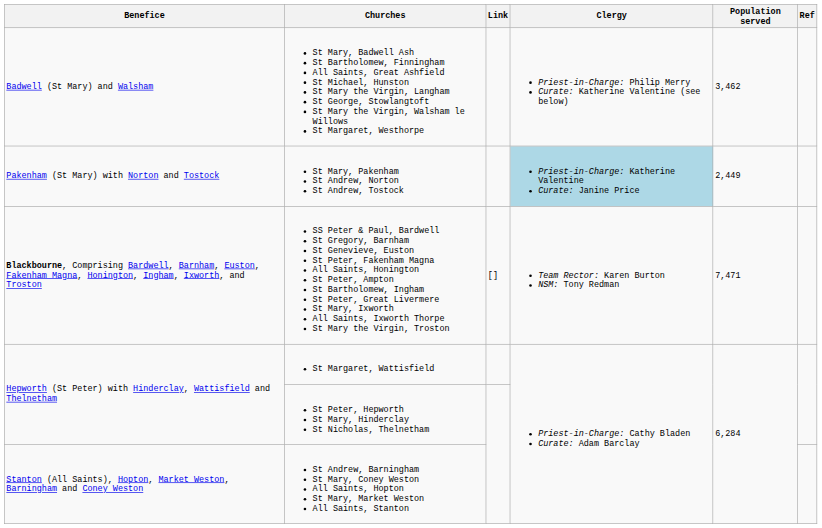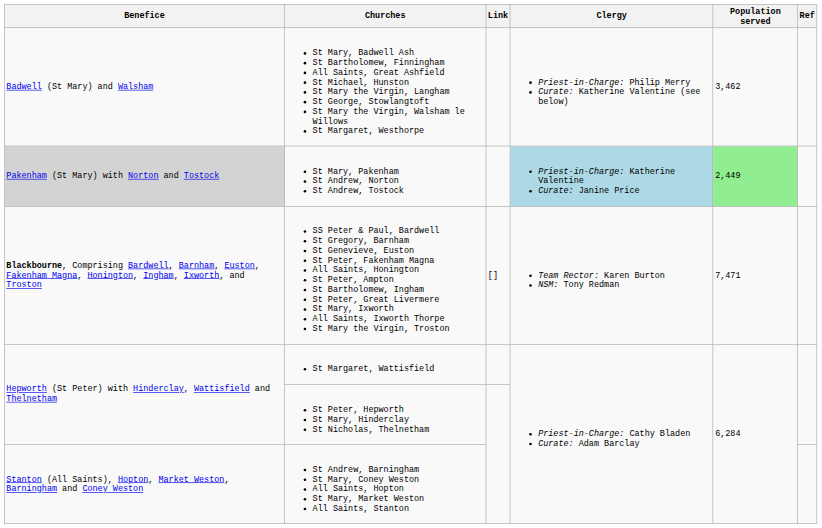 <table class="wikitable">
 <tr>
 <th width="425">Benefice</th>
 <th>Churches</th>
 <th>Link</th>
 <th>Clergy</th>
 <th>Population served</th>
 <th>Ref</th>
 </tr>
 <tr>
 <td><a href='#'>Badwell</a> (St Mary) and <a href='#'>Walsham</a></td>
 <td><br><ul><li>St Mary, Badwell Ash</li><li>St Bartholomew, Finningham</li><li>All Saints, Great Ashfield</li><li>St Michael, Hunston</li><li>St Mary the Virgin, Langham</li><li>St George, Stowlangtoft</li><li>St Mary the Virgin, Walsham le Willows</li><li>St Margaret, Westhorpe</li></ul></td>
 <td></td>
 <td><br><ul><li><em>Priest-in-Charge:</em> Philip Merry</li><li><em>Curate:</em> Katherine Valentine (see below)</li></ul></td>
 <td>3,462</td>
 <td></td>
 </tr>
 <tr>
-<td><a href='#'>Pakenham</a> (St Mary) with <a href='#'>Norton</a> and <a href='#'>Tostock</a></td>
+<td style="background: lightgrey;"><a href='#'>Pakenham</a> (St Mary) with <a href='#'>Norton</a> and <a href='#'>Tostock</a></td>
 <td><br><ul><li>St Mary, Pakenham</li><li>St Andrew, Norton</li><li>St Andrew, Tostock</li></ul></td>
 <td></td>
 <td style="background: lightblue;"><br><ul><li><em>Priest-in-Charge:</em> Katherine Valentine</li><li><em>Curate:</em> Janine Price</li></ul></td>
-<td>2,449</td>
+<td style="background: lightgreen;">2,449</td>
 <td></td>
 </tr>
 <tr>
 <td><strong>Blackbourne</strong>, Comprising <a href='#'>Bardwell</a>, <a href='#'>Barnham</a>, <a href='#'>Euston</a>, <a href='#'>Fakenham Magna</a>, <a href='#'>Honington</a>, <a href='#'>Ingham</a>, <a href='#'>Ixworth</a>, and <a href='#'>Troston</a></td>
 <td><br><ul><li>SS Peter & Paul, Bardwell</li><li>St Gregory, Barnham</li><li>St Genevieve, Euston</li><li>St Peter, Fakenham Magna</li><li>All Saints, Honington</li><li>St Peter, Ampton</li><li>St Bartholomew, Ingham</li><li>St Peter, Great Livermere</li><li>St Mary, Ixworth</li><li>All Saints, Ixworth Thorpe</li><li>St Mary the Virgin, Troston</li></ul></td>
 <td>[]</td>
 <td><br><ul><li><em>Team Rector:</em> Karen Burton</li><li><em>NSM:</em> Tony Redman</li></ul></td>
 <td>7,471</td>
 <td></td>
 </tr>
 <tr>
 <td rowspan="2"><a href='#'>Hepworth</a> (St Peter) with <a href='#'>Hinderclay</a>, <a href='#'>Wattisfield</a> and <a href='#'>Thelnetham</a></td>
 <td><br><ul><li>St Margaret, Wattisfield</li></ul></td>
 <td></td>
 <td rowspan="3"><br><ul><li><em>Priest-in-Charge:</em> Cathy Bladen</li><li><em>Curate:</em> Adam Barclay</li></ul></td>
 <td rowspan="3">6,284</td>
 <td rowspan="2"></td>
 </tr>
 <tr>
 <td><br><ul><li>St Peter, Hepworth</li><li>St Mary, Hinderclay</li><li>St Nicholas, Thelnetham</li></ul></td>
 <td rowspan="2"> </td>
 </tr>
 <tr>
 <td><a href='#'>Stanton</a> (All Saints), <a href='#'>Hopton</a>, <a href='#'>Market Weston</a>, <a href='#'>Barningham</a> and <a href='#'>Coney Weston</a></td>
 <td><br><ul><li>St Andrew, Barningham</li><li>St Mary, Coney Weston</li><li>All Saints, Hopton</li><li>St Mary, Market Weston</li><li>All Saints, Stanton</li></ul></td>
 <td></td>
 </tr>
 </table>
